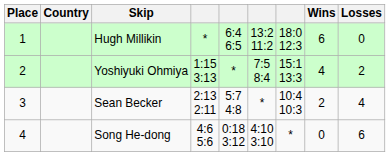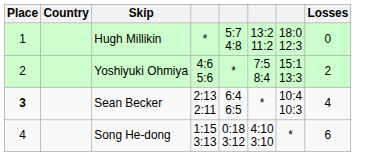 <table class="wikitable" style="text-align:center;">
 <tr>
 <th>Place</th>
 <th>Country</th>
 <th>Skip</th>
 <th width="25"></th>
 <th width="25"></th>
 <th width="25"></th>
 <th width="25"></th>
-<th>Wins</th>
 <th>Losses</th>
 </tr>
 <tr bgcolor=#ccffcc>
 <td>1</td>
 <td align=left></td>
 <td align=left>Hugh Millikin</td>
 <td>*</td>
-<td>6:4<br> 6:5</td>
+<td>5:7<br> 4:8</td>
 <td>13:2<br>11:2</td>
 <td>18:0<br>12:3</td>
-<td>6</td>
 <td>0</td>
 </tr>
 <tr bgcolor=#ccffcc>
 <td>2</td>
 <td align=left></td>
 <td align=left>Yoshiyuki Ohmiya</td>
-<td>1:15<br>3:13</td>
+<td>4:6<br> 5:6</td>
 <td>*</td>
 <td>7:5<br> 8:4</td>
 <td>15:1<br>13:3</td>
-<td>4</td>
 <td>2</td>
 </tr>
 <tr>
-<td>3</td>
+<td><strong>3</strong></td>
 <td align=left></td>
 <td align=left>Sean Becker</td>
 <td>2:13<br>2:11</td>
-<td>5:7<br> 4:8</td>
+<td>6:4<br> 6:5</td>
 <td>*</td>
 <td>10:4<br>10:3</td>
-<td>2</td>
 <td>4</td>
 </tr>
 <tr>
 <td>4</td>
 <td align=left></td>
 <td align=left>Song He-dong</td>
-<td>4:6<br> 5:6</td>
+<td>1:15<br>3:13</td>
 <td>0:18<br>3:12</td>
 <td>4:10<br>3:10</td>
 <td>*</td>
-<td>0</td>
 <td>6</td>
 </tr>
 </table>
